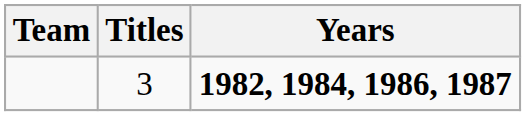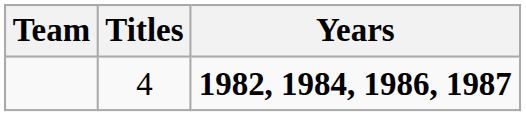 <table class="wikitable sortable" style="text-align:center">
 <tr>
 <th>Team</th>
 <th>Titles</th>
 <th>Years</th>
 </tr>
 <tr>
 <td style=><em></em></td>
-<td>3</td>
+<td>4</td>
 <td align=left><strong>1982, 1984, 1986, 1987</strong></td>
 </tr>
 </table>
